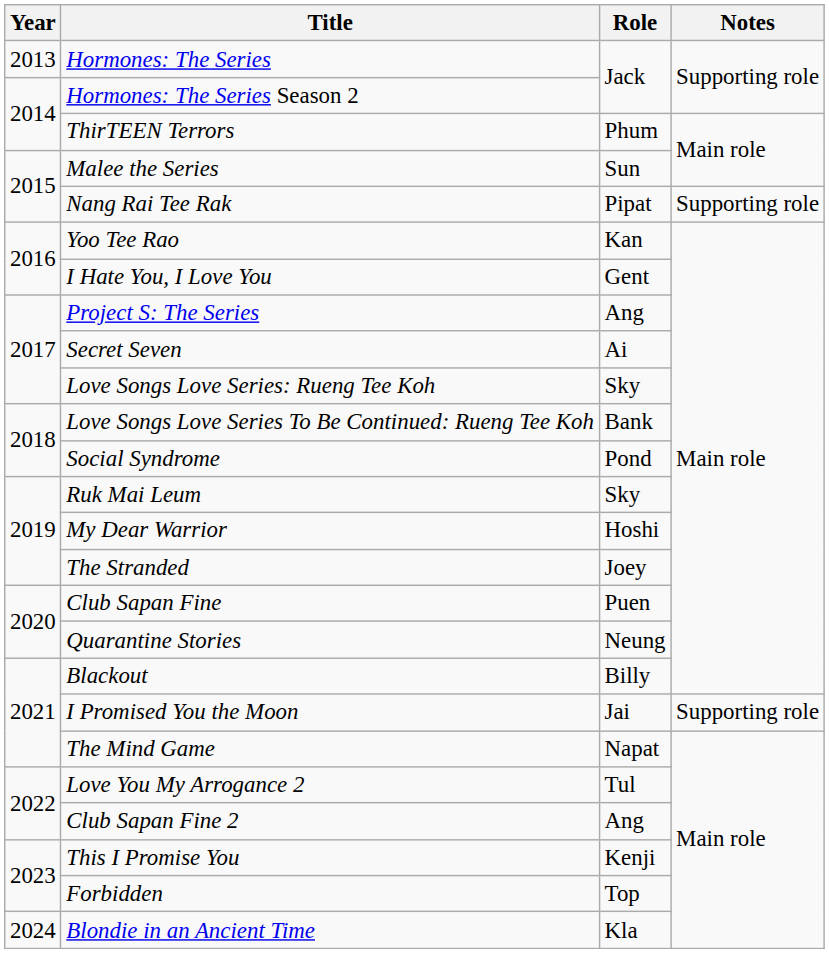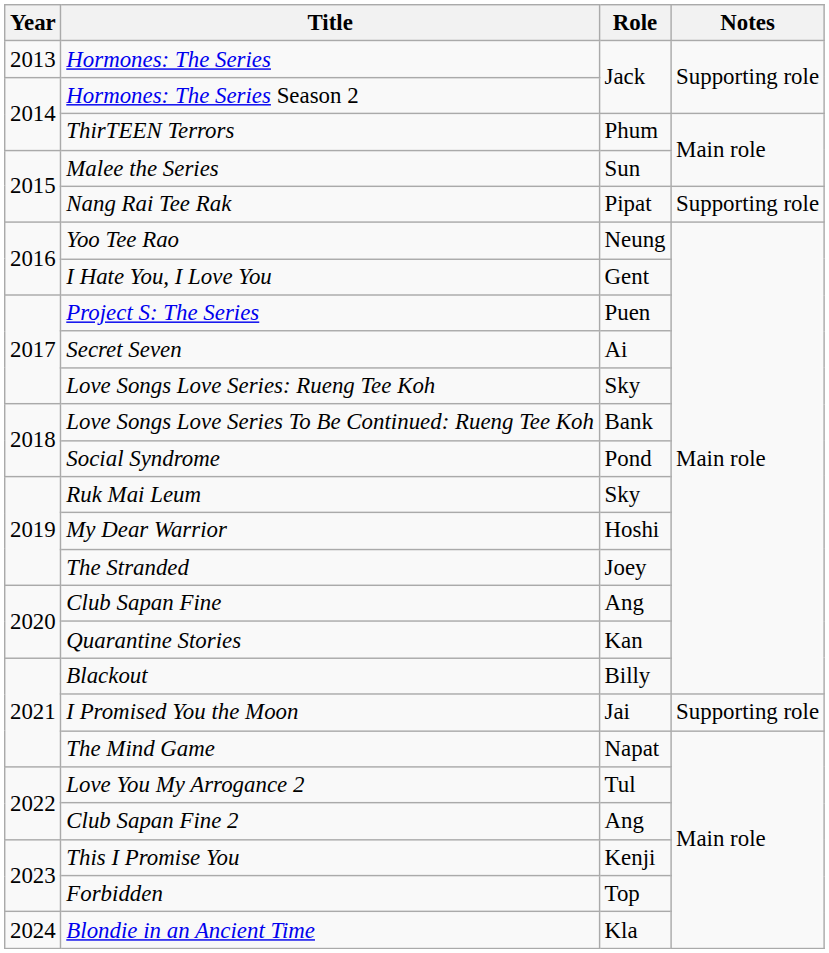 <table class="wikitable">
 <tr>
 <th>Year</th>
 <th>Title</th>
 <th>Role</th>
 <th>Notes</th>
 </tr>
 <tr>
 <td>2013</td>
 <td><em><a href='#'>Hormones: The Series</a></em></td>
 <td rowspan="2">Jack</td>
 <td rowspan="2">Supporting role</td>
 </tr>
 <tr>
 <td rowspan="2">2014</td>
 <td><em><a href='#'>Hormones: The Series</a></em> Season 2</td>
 </tr>
 <tr>
 <td><em>ThirTEEN Terrors</em></td>
 <td>Phum</td>
 <td rowspan="2">Main role</td>
 </tr>
 <tr>
 <td rowspan="2">2015</td>
 <td><em>Malee the Series</em></td>
 <td>Sun</td>
 </tr>
 <tr>
 <td><em>Nang Rai Tee Rak</em></td>
 <td>Pipat</td>
 <td>Supporting role</td>
 </tr>
 <tr>
 <td rowspan="2">2016</td>
 <td><em>Yoo Tee Rao</em></td>
-<td>Kan</td>
+<td>Neung</td>
 <td rowspan="13">Main role</td>
 </tr>
 <tr>
 <td><em>I Hate You, I Love You</em></td>
 <td>Gent</td>
 </tr>
 <tr>
 <td rowspan="3">2017</td>
 <td><em><a href='#'>Project S: The Series</a></em></td>
-<td>Ang</td>
+<td>Puen</td>
 </tr>
 <tr>
 <td><em>Secret Seven</em></td>
 <td>Ai</td>
 </tr>
 <tr>
 <td><em>Love Songs Love Series: Rueng Tee Koh</em></td>
 <td>Sky</td>
 </tr>
 <tr>
 <td rowspan="2">2018</td>
 <td><em>Love Songs Love Series To Be Continued: Rueng Tee Koh</em></td>
 <td>Bank</td>
 </tr>
 <tr>
 <td><em>Social Syndrome</em></td>
 <td>Pond</td>
 </tr>
 <tr>
 <td rowspan="3">2019</td>
 <td><em>Ruk Mai Leum</em></td>
 <td>Sky</td>
 </tr>
 <tr>
 <td><em>My Dear Warrior</em></td>
 <td>Hoshi</td>
 </tr>
 <tr>
 <td><em>The Stranded</em></td>
 <td>Joey</td>
 </tr>
 <tr>
 <td rowspan="2">2020</td>
 <td><em>Club Sapan Fine</em></td>
-<td>Puen</td>
+<td>Ang</td>
 </tr>
 <tr>
 <td><em>Quarantine Stories</em></td>
-<td>Neung</td>
+<td>Kan</td>
 </tr>
 <tr>
 <td rowspan="3">2021</td>
 <td><em>Blackout</em></td>
 <td>Billy</td>
 </tr>
 <tr>
 <td><em>I Promised You the Moon</em></td>
 <td>Jai</td>
 <td>Supporting role</td>
 </tr>
 <tr>
 <td><em>The Mind Game</em></td>
 <td>Napat</td>
 <td rowspan="6">Main role</td>
 </tr>
 <tr>
 <td rowspan="2">2022</td>
 <td><em>Love You My Arrogance 2</em></td>
 <td>Tul</td>
 </tr>
 <tr>
 <td><em>Club Sapan Fine 2</em></td>
 <td>Ang</td>
 </tr>
 <tr>
 <td rowspan="2">2023</td>
 <td><em>This I Promise You</em></td>
 <td>Kenji</td>
 </tr>
 <tr>
 <td><em>Forbidden</em></td>
 <td>Top</td>
 </tr>
 <tr>
 <td>2024</td>
 <td><em><a href='#'>Blondie in an Ancient Time</a></em></td>
 <td>Kla </td>
 </tr>
 </table>
